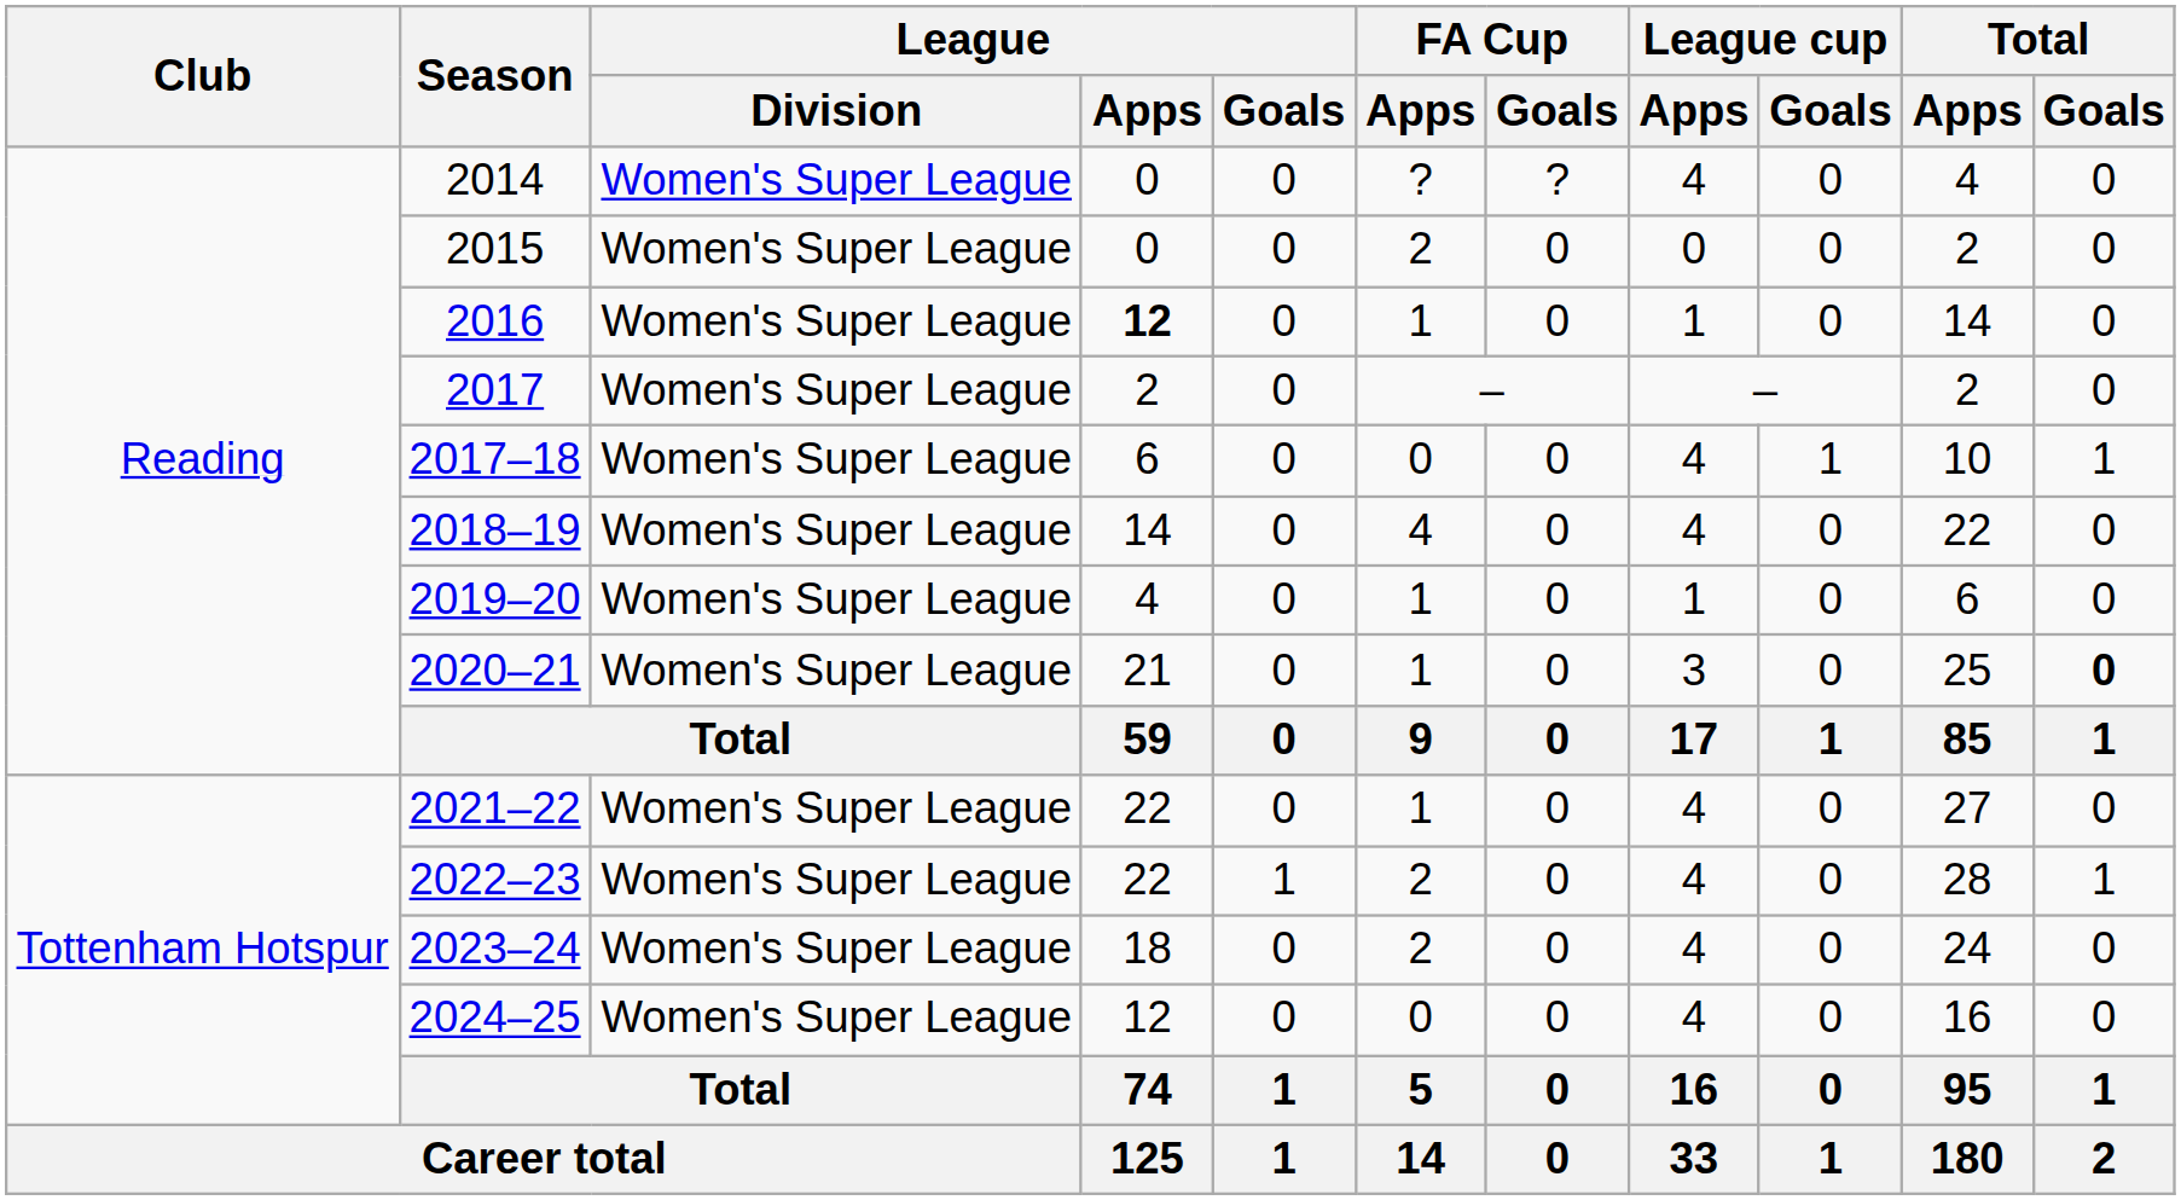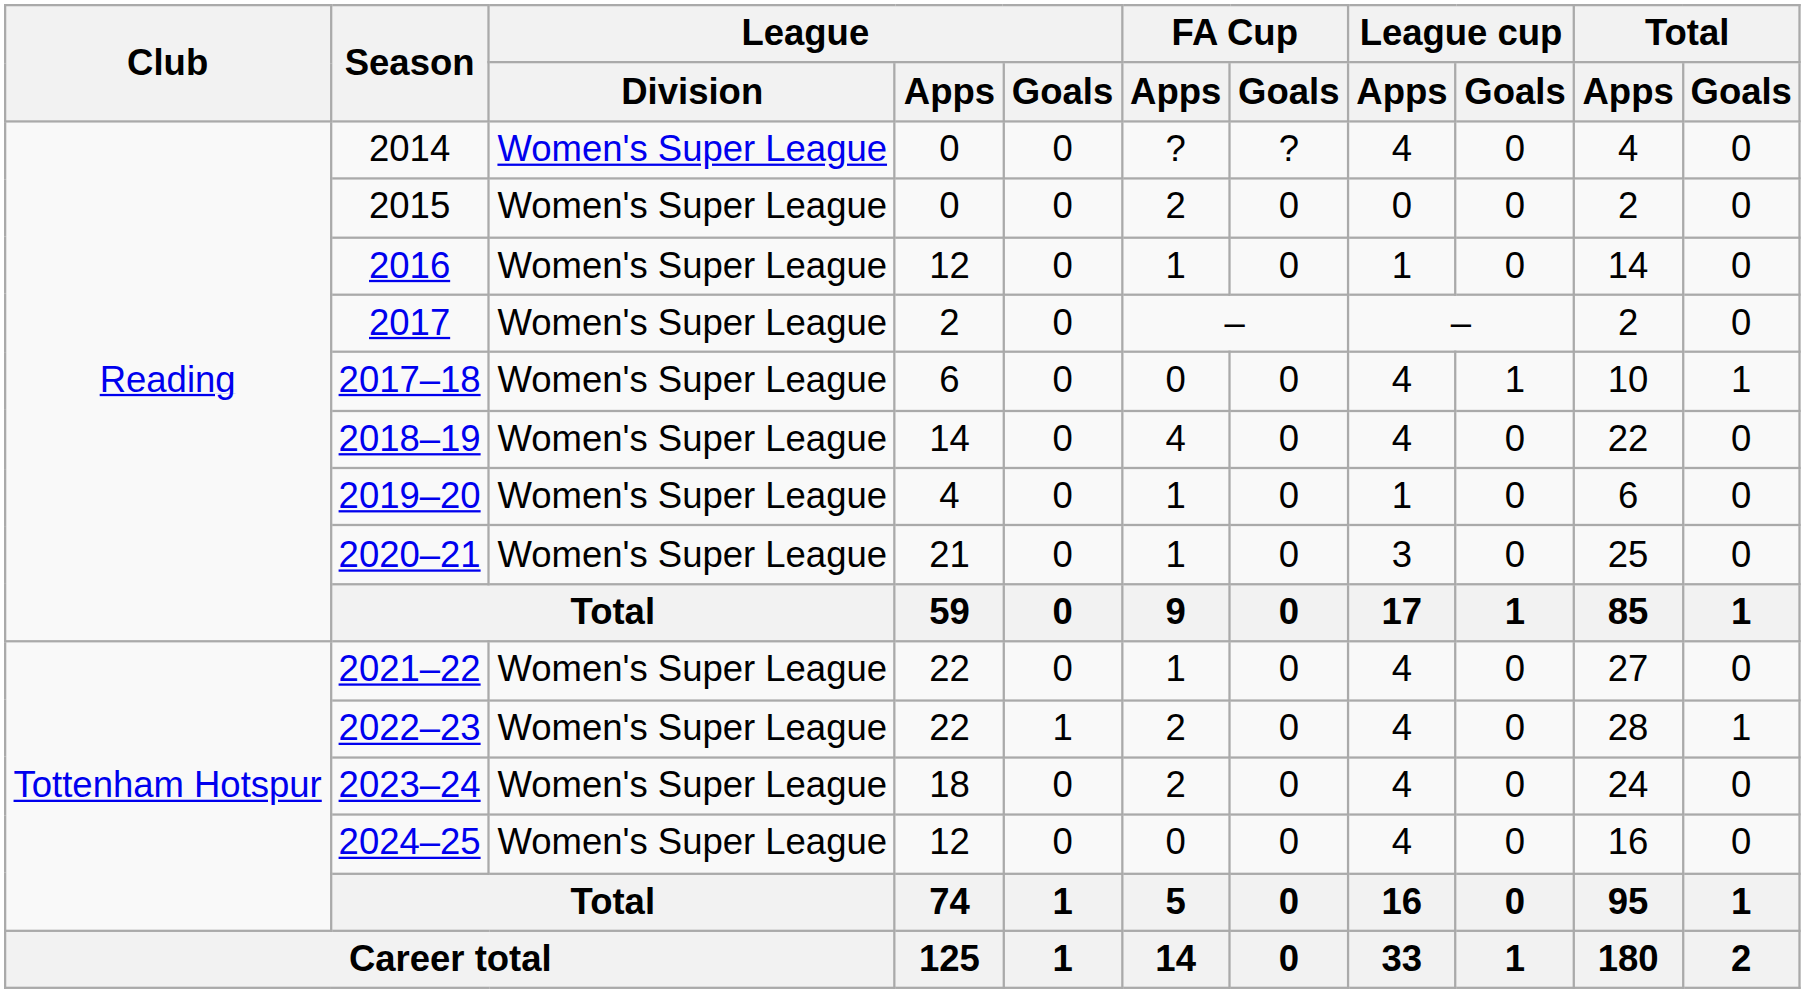 <table class="wikitable" style="text-align:center">
 <tr>
 <th rowspan="2">Club</th>
 <th rowspan="2">Season</th>
 <th colspan="3">League</th>
 <th colspan="2">FA Cup</th>
 <th colspan="2">League cup</th>
 <th colspan="2">Total</th>
 </tr>
 <tr>
 <th>Division</th>
 <th>Apps</th>
 <th>Goals</th>
 <th>Apps</th>
 <th>Goals</th>
 <th>Apps</th>
 <th>Goals</th>
 <th>Apps</th>
 <th>Goals</th>
 </tr>
 <tr>
 <td rowspan="9"><a href='#'>Reading</a></td>
 <td>2014</td>
 <td><a href='#'>Women's Super League</a></td>
 <td>0</td>
 <td>0</td>
 <td>?</td>
 <td>?</td>
 <td>4</td>
 <td>0</td>
 <td>4</td>
 <td>0</td>
 </tr>
 <tr>
 <td>2015</td>
 <td>Women's Super League</td>
 <td>0</td>
 <td>0</td>
 <td>2</td>
 <td>0</td>
 <td>0</td>
 <td>0</td>
 <td>2</td>
 <td>0</td>
 </tr>
 <tr>
 <td><a href='#'>2016</a></td>
 <td>Women's Super League</td>
-<td><strong>12</strong></td>
+<td>12</td>
 <td>0</td>
 <td>1</td>
 <td>0</td>
 <td>1</td>
 <td>0</td>
 <td>14</td>
 <td>0</td>
 </tr>
 <tr>
 <td><a href='#'>2017</a></td>
 <td>Women's Super League</td>
 <td>2</td>
 <td>0</td>
 <td colspan="2">–</td>
 <td colspan="2">–</td>
 <td>2</td>
 <td>0</td>
 </tr>
 <tr>
 <td><a href='#'>2017–18</a></td>
 <td>Women's Super League</td>
 <td>6</td>
 <td>0</td>
 <td>0</td>
 <td>0</td>
 <td>4</td>
 <td>1</td>
 <td>10</td>
 <td>1</td>
 </tr>
 <tr>
 <td><a href='#'>2018–19</a></td>
 <td>Women's Super League</td>
 <td>14</td>
 <td>0</td>
 <td>4</td>
 <td>0</td>
 <td>4</td>
 <td>0</td>
 <td>22</td>
 <td>0</td>
 </tr>
 <tr>
 <td><a href='#'>2019–20</a></td>
 <td>Women's Super League</td>
 <td>4</td>
 <td>0</td>
 <td>1</td>
 <td>0</td>
 <td>1</td>
 <td>0</td>
 <td>6</td>
 <td>0</td>
 </tr>
 <tr>
 <td><a href='#'>2020–21</a></td>
 <td>Women's Super League</td>
 <td>21</td>
 <td>0</td>
 <td>1</td>
 <td>0</td>
 <td>3</td>
 <td>0</td>
 <td>25</td>
-<td><strong>0</strong></td>
+<td>0</td>
 </tr>
 <tr>
 <th colspan="2">Total</th>
 <th>59</th>
 <th>0</th>
 <th>9</th>
 <th>0</th>
 <th>17</th>
 <th>1</th>
 <th>85</th>
 <th>1</th>
 </tr>
 <tr>
 <td rowspan="5"><a href='#'>Tottenham Hotspur</a></td>
 <td><a href='#'>2021–22</a></td>
 <td>Women's Super League</td>
 <td>22</td>
 <td>0</td>
 <td>1</td>
 <td>0</td>
 <td>4</td>
 <td>0</td>
 <td>27</td>
 <td>0</td>
 </tr>
 <tr>
 <td><a href='#'>2022–23</a></td>
 <td>Women's Super League</td>
 <td>22</td>
 <td>1</td>
 <td>2</td>
 <td>0</td>
 <td>4</td>
 <td>0</td>
 <td>28</td>
 <td>1</td>
 </tr>
 <tr>
 <td><a href='#'>2023–24</a></td>
 <td>Women's Super League</td>
 <td>18</td>
 <td>0</td>
 <td>2</td>
 <td>0</td>
 <td>4</td>
 <td>0</td>
 <td>24</td>
 <td>0</td>
 </tr>
 <tr>
 <td><a href='#'>2024–25</a></td>
 <td>Women's Super League</td>
 <td>12</td>
 <td>0</td>
 <td>0</td>
 <td>0</td>
 <td>4</td>
 <td>0</td>
 <td>16</td>
 <td>0</td>
 </tr>
 <tr>
 <th colspan="2">Total</th>
 <th>74</th>
 <th>1</th>
 <th>5</th>
 <th>0</th>
 <th>16</th>
 <th>0</th>
 <th>95</th>
 <th>1</th>
 </tr>
 <tr>
 <th colspan="3">Career total</th>
 <th>125</th>
 <th>1</th>
 <th>14</th>
 <th>0</th>
 <th>33</th>
 <th>1</th>
 <th>180</th>
 <th>2</th>
 </tr>
 </table>
